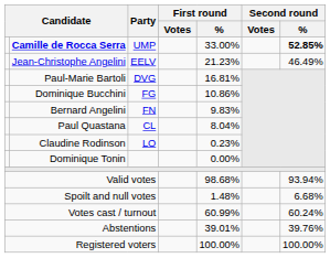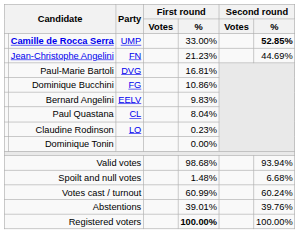 <table class="wikitable" style="text-align:right;font-size:95%;">
 <tr>
 <th rowspan=2 colspan=2>Candidate</th>
 <th rowspan=2 colspan=1>Party</th>
 <th colspan=2>First round</th>
 <th colspan=2>Second round</th>
 </tr>
 <tr>
 <th style="width:50px;">Votes</th>
 <th style="width:55px;">%</th>
 <th style="width:50px;">Votes</th>
 <th style="width:55px;">%</th>
 </tr>
 <tr>
 <td style="color:inherit;background-color:"></td>
 <td><strong><a href='#'>Camille de Rocca Serra</a></strong></td>
 <td><a href='#'>UMP</a></td>
 <td></td>
 <td>33.00%</td>
 <td><strong></strong></td>
 <td><strong>52.85%</strong></td>
 </tr>
 <tr>
 <td style="color:inherit;background-color:"></td>
 <td><a href='#'>Jean-Christophe Angelini</a></td>
-<td><a href='#'>EELV</a></td>
+<td><a href='#'>FN</a></td>
 <td></td>
 <td>21.23%</td>
 <td></td>
-<td>46.49%</td>
+<td>44.69%</td>
 </tr>
 <tr>
 <td style="color:inherit;background-color:"></td>
 <td>Paul-Marie Bartoli</td>
 <td><a href='#'>DVG</a> </td>
 <td></td>
 <td>16.81%</td>
 <td colspan=7 rowspan=6 style="background-color:#E9E9E9;"></td>
 </tr>
 <tr>
 <td style="color:inherit;background-color:"></td>
 <td>Dominique Bucchini</td>
 <td><a href='#'>FG</a></td>
 <td></td>
 <td>10.86%</td>
 </tr>
 <tr>
 <td style="color:inherit;background-color:"></td>
 <td>Bernard Angelini</td>
-<td><a href='#'>FN</a></td>
+<td><a href='#'>EELV</a></td>
 <td></td>
 <td>9.83%</td>
 </tr>
 <tr>
 <td style="color:inherit;background-color:"></td>
 <td>Paul Quastana</td>
 <td><a href='#'>CL</a></td>
 <td></td>
 <td>8.04%</td>
 </tr>
 <tr>
 <td style="color:inherit;background-color:"></td>
 <td>Claudine Rodinson</td>
 <td><a href='#'>LO</a></td>
 <td></td>
 <td>0.23%</td>
 </tr>
 <tr>
 <td style="background-color:;"></td>
 <td>Dominique Tonin</td>
 <td></td>
 <td></td>
 <td>0.00%</td>
 </tr>
 <tr>
 <td colspan=7 style="background-color:#E9E9E9;"></td>
 </tr>
 <tr>
 <td colspan=3>Valid votes</td>
 <td></td>
 <td>98.68%</td>
 <td></td>
 <td>93.94%</td>
 </tr>
 <tr>
 <td colspan=3>Spoilt and null votes</td>
 <td></td>
 <td>1.48%</td>
 <td></td>
 <td>6.68%</td>
 </tr>
 <tr>
 <td colspan=3>Votes cast / turnout</td>
 <td></td>
 <td>60.99%</td>
 <td></td>
 <td>60.24%</td>
 </tr>
 <tr>
 <td colspan=3>Abstentions</td>
 <td></td>
 <td>39.01%</td>
 <td></td>
 <td>39.76%</td>
 </tr>
 <tr>
 <td colspan=3>Registered voters</td>
 <td></td>
-<td>100.00%</td>
+<td><strong>100.00%</strong></td>
 <td></td>
 <td>100.00%</td>
 </tr>
 </table>
